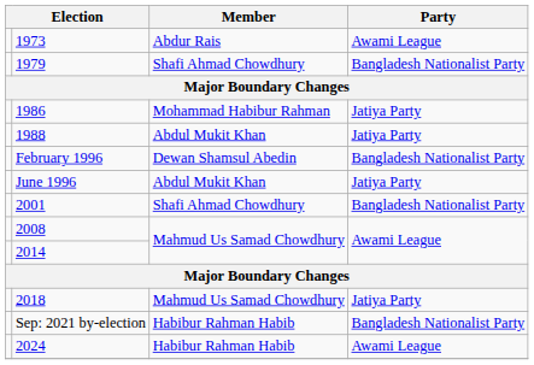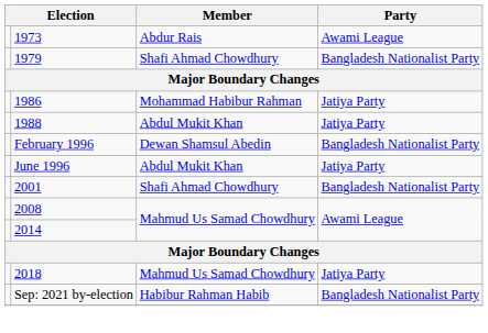 <table class="wikitable">
 <tr>
 <th colspan="2">Election</th>
 <th>Member</th>
 <th>Party</th>
 </tr>
 <tr>
 <td style="background-color:"></td>
 <td><a href='#'>1973</a></td>
 <td><a href='#'>Abdur Rais</a></td>
 <td><a href='#'>Awami League</a></td>
 </tr>
 <tr>
 <td style="background-color:"></td>
 <td><a href='#'>1979</a></td>
 <td><a href='#'>Shafi Ahmad Chowdhury</a></td>
 <td><a href='#'>Bangladesh Nationalist Party</a></td>
 </tr>
 <tr>
 <th colspan="4">Major Boundary Changes</th>
 </tr>
 <tr>
 <td style="background-color:"></td>
 <td><a href='#'>1986</a></td>
 <td><a href='#'>Mohammad Habibur Rahman</a></td>
 <td><a href='#'>Jatiya Party</a></td>
 </tr>
 <tr>
 <td style="background-color:"></td>
 <td><a href='#'>1988</a></td>
 <td><a href='#'>Abdul Mukit Khan</a></td>
 <td><a href='#'>Jatiya Party</a></td>
 </tr>
 <tr>
 <td style="background-color:"></td>
 <td><a href='#'>February 1996</a></td>
 <td><a href='#'>Dewan Shamsul Abedin</a></td>
 <td><a href='#'>Bangladesh Nationalist Party</a></td>
 </tr>
 <tr>
 <td style="background-color:"></td>
 <td><a href='#'>June 1996</a></td>
 <td><a href='#'>Abdul Mukit Khan</a></td>
 <td><a href='#'>Jatiya Party</a></td>
 </tr>
 <tr>
 <td style="background-color:"></td>
 <td><a href='#'>2001</a></td>
 <td><a href='#'>Shafi Ahmad Chowdhury</a></td>
 <td><a href='#'>Bangladesh Nationalist Party</a></td>
 </tr>
 <tr>
 <td style="background-color:"></td>
 <td><a href='#'>2008</a></td>
 <td rowspan="2"><a href='#'>Mahmud Us Samad Chowdhury</a></td>
 <td rowspan="2"><a href='#'>Awami League</a></td>
 </tr>
 <tr>
 <td style="background-color:"></td>
 <td><a href='#'>2014</a></td>
 </tr>
 <tr>
 <th colspan="4">Major Boundary Changes</th>
 </tr>
 <tr>
 <td style="background-color:"></td>
 <td><a href='#'>2018</a></td>
 <td><a href='#'>Mahmud Us Samad Chowdhury</a></td>
 <td><a href='#'>Jatiya Party</a></td>
 </tr>
 <tr>
 <td style="background-color:"></td>
 <td>Sep:  2021 by-election</td>
 <td><a href='#'>Habibur Rahman Habib</a></td>
 <td><a href='#'>Bangladesh Nationalist Party</a></td>
 </tr>
 <tr>
-<td style="background-color:"></td>
-<td><a href='#'>2024</a></td>
-<td><a href='#'>Habibur Rahman Habib</a></td>
-<td><a href='#'>Awami League</a></td>
-</tr>
-<tr>
 </tr>
 </table>
